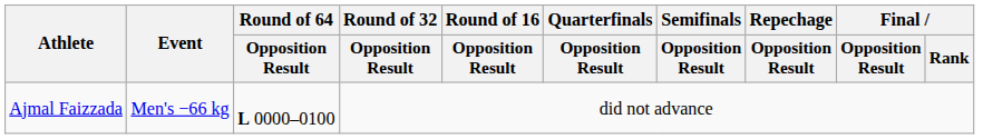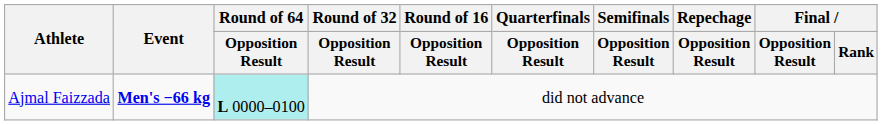 <table class="wikitable" style="font-size:90%">
 <tr>
 <th rowspan="2">Athlete</th>
 <th rowspan="2">Event</th>
 <th>Round of 64</th>
 <th>Round of 32</th>
 <th>Round of 16</th>
 <th>Quarterfinals</th>
 <th>Semifinals</th>
 <th>Repechage</th>
 <th colspan=2>Final / </th>
 </tr>
 <tr style="font-size:95%">
 <th>Opposition<br>Result</th>
 <th>Opposition<br>Result</th>
 <th>Opposition<br>Result</th>
 <th>Opposition<br>Result</th>
 <th>Opposition<br>Result</th>
 <th>Opposition<br>Result</th>
 <th>Opposition<br>Result</th>
 <th>Rank</th>
 </tr>
 <tr align=center>
 <td align=left><a href='#'>Ajmal Faizzada</a></td>
-<td align=left><a href='#'>Men's −66 kg</a></td>
-<td><br><strong>L</strong> 0000–0100</td>
+<td align=left><strong><a href='#'>Men's −66 kg</a></strong></td>
+<td style="background: paleturquoise;"><br><strong>L</strong> 0000–0100</td>
 <td colspan=7>did not advance</td>
 </tr>
 </table>
